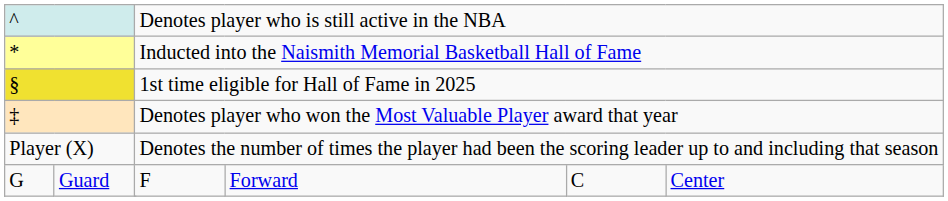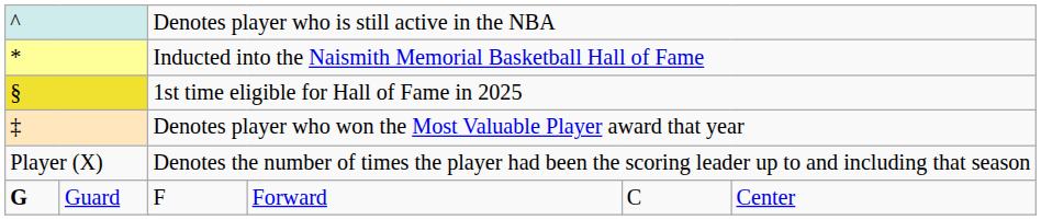 <table class="wikitable">
 <tr>
 <td style="background-color:#CFECEC; width:6em" colspan=2>^</td>
 <td colspan=5>Denotes player who is still active in the NBA</td>
 </tr>
 <tr>
 <td style="background-color:#FFFF99; width:6em" colspan=2>*</td>
 <td colspan=5>Inducted into the <a href='#'>Naismith Memorial Basketball Hall of Fame</a></td>
 </tr>
 <tr>
 <td style="background:#F0E130; width:1em" colspan=2>§</td>
 <td colspan=5>1st time eligible for Hall of Fame in 2025</td>
 </tr>
 <tr>
 <td style="background-color:#FFE6BD; border:1px solid #aaaaaa; width:6em" colspan=2>‡</td>
 <td colspan=5>Denotes player who won the <a href='#'>Most Valuable Player</a> award that year</td>
 </tr>
 <tr>
 <td colspan=2>Player (X)</td>
 <td colspan=5>Denotes the number of times the player had been the scoring leader up to and including that season</td>
 </tr>
 <tr>
-<td style="width:2em">G</td>
+<td style="width:2em"><strong>G</strong></td>
 <td colspan=2><a href='#'>Guard</a></td>
 <td>F</td>
 <td><a href='#'>Forward</a></td>
 <td>C</td>
 <td><a href='#'>Center</a></td>
 </tr>
 </table>
